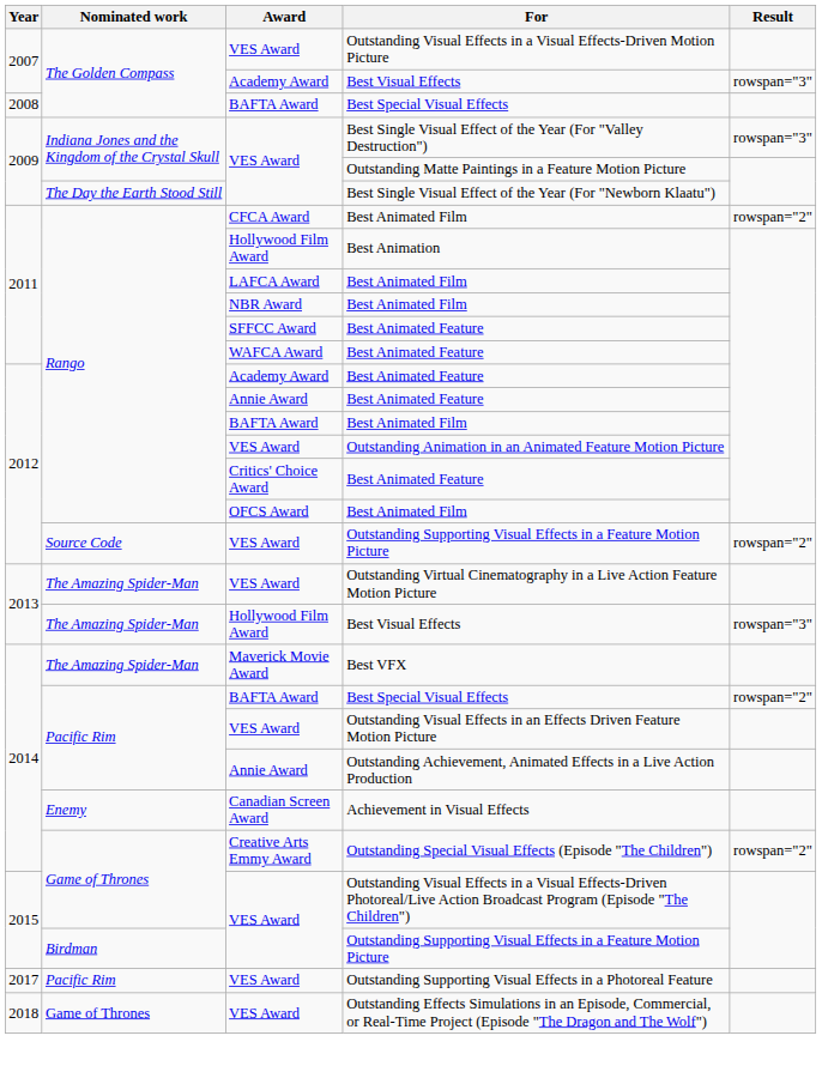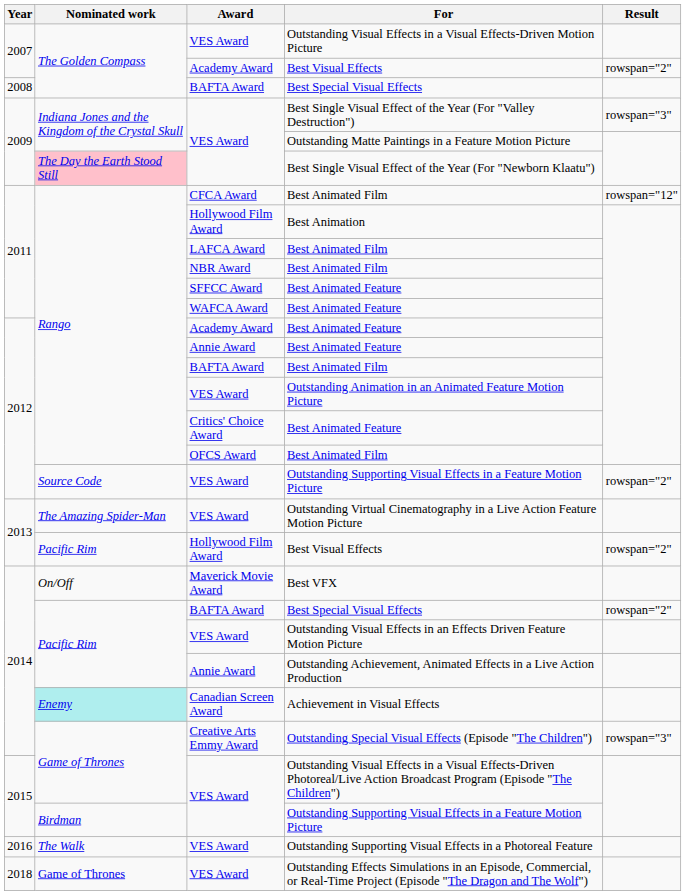 <table class="wikitable">
 <tr>
 <th>Year</th>
 <th>Nominated work</th>
 <th>Award</th>
 <th>For</th>
 <th>Result</th>
 </tr>
 <tr>
 <td rowspan="2">2007</td>
 <td rowspan="3"><em><a href='#'>The Golden Compass</a></em></td>
 <td><a href='#'>VES Award</a></td>
 <td>Outstanding Visual Effects in a Visual Effects-Driven Motion Picture</td>
 <td></td>
 </tr>
 <tr>
 <td><a href='#'>Academy Award</a></td>
 <td><a href='#'>Best Visual Effects</a></td>
-<td>rowspan="3" </td>
+<td>rowspan="2" </td>
 </tr>
 <tr>
 <td>2008</td>
 <td><a href='#'>BAFTA Award</a></td>
 <td><a href='#'>Best Special Visual Effects</a></td>
 </tr>
 <tr>
 <td rowspan="3">2009</td>
 <td rowspan="2"><em><a href='#'>Indiana Jones and the Kingdom of the Crystal Skull</a></em></td>
 <td rowspan="3"><a href='#'>VES Award</a></td>
 <td>Best Single Visual Effect of the Year (For "Valley Destruction")</td>
 <td>rowspan="3" </td>
 </tr>
 <tr>
 <td>Outstanding Matte Paintings in a Feature Motion Picture</td>
 </tr>
 <tr>
-<td><em><a href='#'>The Day the Earth Stood Still</a></em></td>
+<td style="background: pink;"><em><a href='#'>The Day the Earth Stood Still</a></em></td>
 <td>Best Single Visual Effect of the Year (For "Newborn Klaatu")</td>
 </tr>
 <tr>
 <td rowspan="6">2011</td>
 <td rowspan="12"><em><a href='#'>Rango</a></em></td>
 <td><a href='#'>CFCA Award</a></td>
 <td>Best Animated Film</td>
-<td>rowspan="2" </td>
+<td>rowspan="12" </td>
 </tr>
 <tr>
 <td><a href='#'>Hollywood Film Award</a></td>
 <td>Best Animation</td>
 </tr>
 <tr>
 <td><a href='#'>LAFCA Award</a></td>
 <td><a href='#'>Best Animated Film</a></td>
 </tr>
 <tr>
 <td><a href='#'>NBR Award</a></td>
 <td><a href='#'>Best Animated Film</a></td>
 </tr>
 <tr>
 <td><a href='#'>SFFCC Award</a></td>
 <td><a href='#'>Best Animated Feature</a></td>
 </tr>
 <tr>
 <td><a href='#'>WAFCA Award</a></td>
 <td><a href='#'>Best Animated Feature</a></td>
 </tr>
 <tr>
 <td rowspan="7">2012</td>
 <td><a href='#'>Academy Award</a></td>
 <td><a href='#'>Best Animated Feature</a></td>
 </tr>
 <tr>
 <td><a href='#'>Annie Award</a></td>
 <td><a href='#'>Best Animated Feature</a></td>
 </tr>
 <tr>
 <td><a href='#'>BAFTA Award</a></td>
 <td><a href='#'>Best Animated Film</a></td>
 </tr>
 <tr>
 <td><a href='#'>VES Award</a></td>
 <td><a href='#'>Outstanding Animation in an Animated Feature Motion Picture</a></td>
 </tr>
 <tr>
 <td><a href='#'>Critics' Choice Award</a></td>
 <td><a href='#'>Best Animated Feature</a></td>
 </tr>
 <tr>
 <td><a href='#'>OFCS Award</a></td>
 <td><a href='#'>Best Animated Film</a></td>
 </tr>
 <tr>
 <td><em><a href='#'>Source Code</a></em></td>
 <td><a href='#'>VES Award</a></td>
 <td><a href='#'>Outstanding Supporting Visual Effects in a Feature Motion Picture</a></td>
 <td>rowspan="2" </td>
 </tr>
 <tr>
 <td rowspan="2">2013</td>
 <td><em><a href='#'>The Amazing Spider-Man</a></em></td>
 <td><a href='#'>VES Award</a></td>
 <td>Outstanding Virtual Cinematography in a Live Action Feature Motion Picture</td>
 </tr>
 <tr>
-<td><em><a href='#'>The Amazing Spider-Man</a></em></td>
+<td><em><a href='#'>Pacific Rim</a></em></td>
 <td><a href='#'>Hollywood Film Award</a></td>
 <td>Best Visual Effects</td>
-<td>rowspan="3" </td>
+<td>rowspan="2" </td>
 </tr>
 <tr>
 <td rowspan="6">2014</td>
-<td><em><a href='#'>The Amazing Spider-Man</a></em></td>
+<td><em>On/Off</em></td>
 <td><a href='#'>Maverick Movie Award</a></td>
 <td>Best VFX</td>
 </tr>
 <tr>
 <td rowspan="3"><em><a href='#'>Pacific Rim</a></em></td>
 <td><a href='#'>BAFTA Award</a></td>
 <td><a href='#'>Best Special Visual Effects</a></td>
 <td>rowspan="2" </td>
 </tr>
 <tr>
 <td><a href='#'>VES Award</a></td>
 <td>Outstanding Visual Effects in an Effects Driven Feature Motion Picture</td>
 </tr>
 <tr>
 <td><a href='#'>Annie Award</a></td>
 <td>Outstanding Achievement, Animated Effects in a Live Action Production</td>
 <td></td>
 </tr>
 <tr>
-<td><em><a href='#'>Enemy</a></em></td>
+<td style="background: paleturquoise;"><em><a href='#'>Enemy</a></em></td>
 <td><a href='#'>Canadian Screen Award</a></td>
 <td>Achievement in Visual Effects</td>
 <td></td>
 </tr>
 <tr>
 <td rowspan="2"><em><a href='#'>Game of Thrones</a></em></td>
 <td><a href='#'>Creative Arts Emmy Award</a></td>
 <td><a href='#'>Outstanding Special Visual Effects</a> (Episode "<a href='#'>The Children</a>")</td>
-<td>rowspan="2" </td>
+<td>rowspan="3" </td>
 </tr>
 <tr>
 <td rowspan="2">2015</td>
 <td rowspan="2"><a href='#'>VES Award</a></td>
 <td>Outstanding Visual Effects in a Visual Effects-Driven Photoreal/Live Action Broadcast Program (Episode "<a href='#'>The Children</a>")</td>
 </tr>
 <tr>
 <td><em><a href='#'>Birdman</a></em></td>
 <td><a href='#'>Outstanding Supporting Visual Effects in a Feature Motion Picture</a></td>
 </tr>
 <tr>
-<td>2017</td>
-<td><em><a href='#'>Pacific Rim</a></em></td>
+<td>2016</td>
+<td><em><a href='#'>The Walk</a></em></td>
 <td><a href='#'>VES Award</a></td>
 <td>Outstanding Supporting Visual Effects in a Photoreal Feature</td>
 <td></td>
 </tr>
 <tr>
 <td rowspan="2">2018</td>
 <td rowspan="2"><a href='#'>Game of Thrones</a></td>
 <td><a href='#'>VES Award</a></td>
 <td>Outstanding Effects Simulations in an Episode, Commercial, or Real-Time Project (Episode "<a href='#'>The Dragon and The Wolf</a>")</td>
 <td></td>
 </tr>
 </table>
